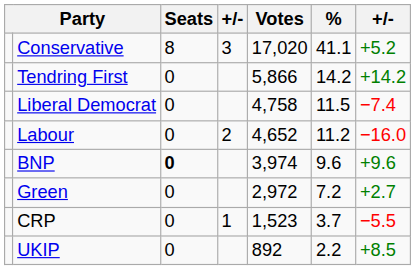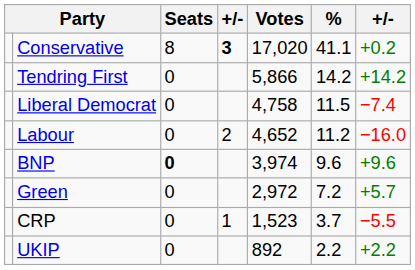 <table class="wikitable">
 <tr>
 <th colspan="2">Party</th>
 <th>Seats</th>
 <th>+/-</th>
 <th>Votes</th>
 <th>%</th>
 <th>+/-</th>
 </tr>
 <tr>
 <td style="background-color: "></td>
 <td><a href='#'>Conservative</a></td>
 <td>8</td>
-<td> 3</td>
+<td><strong> 3</strong></td>
 <td>17,020</td>
 <td>41.1</td>
-<td style="color:green">+5.2</td>
+<td style="color:green">+0.2</td>
 </tr>
 <tr>
 <td style="background-color: "></td>
 <td><a href='#'>Tendring First</a></td>
 <td>0</td>
 <td></td>
 <td>5,866</td>
 <td>14.2</td>
 <td style="color:green">+14.2</td>
 </tr>
 <tr>
 <td style="background-color: "></td>
 <td><a href='#'>Liberal Democrat</a></td>
 <td>0</td>
 <td></td>
 <td>4,758</td>
 <td>11.5</td>
 <td style="color:red">−7.4</td>
 </tr>
 <tr>
 <td style="background-color: "></td>
 <td><a href='#'>Labour</a></td>
 <td>0</td>
 <td> 2</td>
 <td>4,652</td>
 <td>11.2</td>
 <td style="color:red">−16.0</td>
 </tr>
 <tr>
 <td style="background-color: "></td>
 <td><a href='#'>BNP</a></td>
 <td><strong>0</strong></td>
 <td></td>
 <td>3,974</td>
 <td>9.6</td>
 <td style="color:green">+9.6</td>
 </tr>
 <tr>
 <td style="background-color: "></td>
 <td><a href='#'>Green</a></td>
 <td>0</td>
 <td></td>
 <td>2,972</td>
 <td>7.2</td>
-<td style="color:green">+2.7</td>
+<td style="color:green">+5.7</td>
 </tr>
 <tr>
 <td style="background-color: "></td>
 <td>CRP</td>
 <td>0</td>
 <td> 1</td>
 <td>1,523</td>
 <td>3.7</td>
 <td style="color:red">−5.5</td>
 </tr>
 <tr>
 <td style="background-color: "></td>
 <td><a href='#'>UKIP</a></td>
 <td>0</td>
 <td></td>
 <td>892</td>
 <td>2.2</td>
-<td style="color:green">+8.5</td>
+<td style="color:green">+2.2</td>
 </tr>
 </table>
